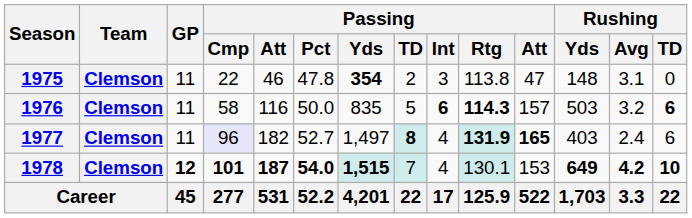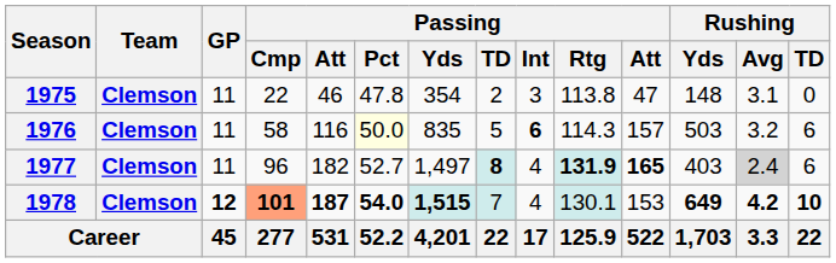 <table class="wikitable" style="text-align:center;">
 <tr>
 <th rowspan="2">Season</th>
 <th rowspan="2">Team</th>
 <th rowspan="2">GP</th>
 <th colspan="8">Passing</th>
 <th colspan="4">Rushing</th>
 </tr>
 <tr>
 <th>Cmp</th>
 <th>Att</th>
 <th>Pct</th>
 <th>Yds</th>
 <th>TD</th>
 <th>Int</th>
 <th>Rtg</th>
 <th>Att</th>
 <th>Yds</th>
 <th>Avg</th>
 <th>TD</th>
 </tr>
 <tr>
 <th><a href='#'>1975</a></th>
 <th><a href='#'>Clemson</a></th>
 <td>11</td>
 <td>22</td>
 <td>46</td>
 <td>47.8</td>
-<td><strong>354</strong></td>
+<td>354</td>
 <td>2</td>
 <td>3</td>
 <td>113.8</td>
 <td>47</td>
 <td>148</td>
 <td>3.1</td>
 <td>0</td>
 </tr>
 <tr>
 <th><a href='#'>1976</a></th>
 <th><a href='#'>Clemson</a></th>
 <td>11</td>
 <td>58</td>
 <td>116</td>
-<td>50.0</td>
+<td style="background: lightyellow;">50.0</td>
 <td>835</td>
 <td>5</td>
 <td><strong>6</strong></td>
-<td><strong>114.3</strong></td>
+<td>114.3</td>
 <td>157</td>
 <td>503</td>
 <td>3.2</td>
-<td><strong>6</strong></td>
+<td>6</td>
 </tr>
 <tr>
 <th><a href='#'>1977</a></th>
 <th><a href='#'>Clemson</a></th>
 <td>11</td>
-<td style="background: lavender;">96</td>
+<td>96</td>
 <td>182</td>
 <td>52.7</td>
 <td>1,497</td>
 <td style="background:#cfecec;"><strong>8</strong></td>
 <td>4</td>
 <td style="background:#cfecec;"><strong>131.9</strong></td>
 <td><strong>165</strong></td>
 <td>403</td>
-<td>2.4</td>
+<td style="background: lightgrey;">2.4</td>
 <td>6</td>
 </tr>
 <tr>
 <th><a href='#'>1978</a></th>
 <th><a href='#'>Clemson</a></th>
 <td><strong>12</strong></td>
-<td><strong>101</strong></td>
+<td style="background: lightsalmon;"><strong>101</strong></td>
 <td><strong>187</strong></td>
 <td><strong>54.0</strong></td>
 <td style="background:#cfecec;"><strong>1,515</strong></td>
 <td style="background:#cfecec;">7</td>
 <td>4</td>
 <td style="background:#cfecec;">130.1</td>
 <td>153</td>
 <td><strong>649</strong></td>
 <td><strong>4.2</strong></td>
 <td><strong>10</strong></td>
 </tr>
 <tr>
 <th colspan="2">Career</th>
 <th>45</th>
 <th>277</th>
 <th>531</th>
 <th>52.2</th>
 <th>4,201</th>
 <th>22</th>
 <th>17</th>
 <th>125.9</th>
 <th>522</th>
 <th>1,703</th>
 <th>3.3</th>
 <th>22</th>
 </tr>
 </table>
